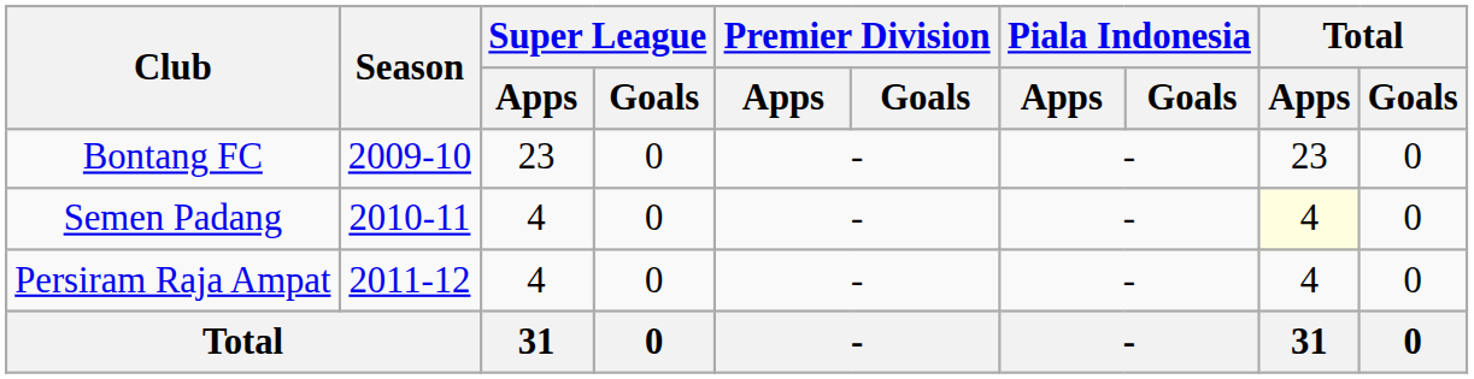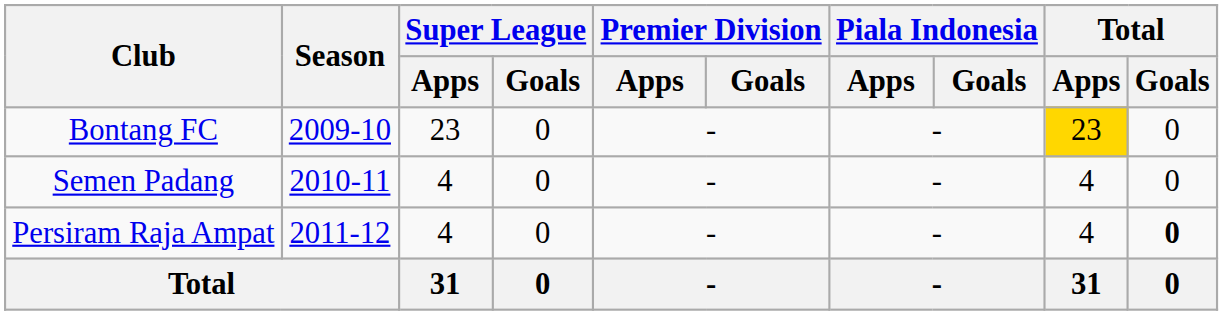 <table class="wikitable" style="font-size:90%; text-align:center;">
 <tr>
 <th rowspan="2">Club</th>
 <th rowspan="2">Season</th>
 <th colspan="2"><a href='#'>Super League</a></th>
 <th colspan="2"><a href='#'>Premier Division</a></th>
 <th colspan="2"><a href='#'>Piala Indonesia</a></th>
 <th colspan="2">Total</th>
 </tr>
 <tr>
 <th>Apps</th>
 <th>Goals</th>
 <th>Apps</th>
 <th>Goals</th>
 <th>Apps</th>
 <th>Goals</th>
 <th>Apps</th>
 <th>Goals</th>
 </tr>
 <tr>
 <td rowspan="1"><a href='#'>Bontang FC</a></td>
 <td><a href='#'>2009-10</a></td>
 <td>23</td>
 <td>0</td>
 <td colspan="2">-</td>
 <td colspan="2">-</td>
-<td>23</td>
+<td style="background: gold;">23</td>
 <td>0</td>
 </tr>
 <tr>
 <td rowspan="1"><a href='#'>Semen Padang</a></td>
 <td><a href='#'>2010-11</a></td>
 <td>4</td>
 <td>0</td>
 <td colspan="2">-</td>
 <td colspan="2">-</td>
-<td style="background: lightyellow;">4</td>
+<td>4</td>
 <td>0</td>
 </tr>
 <tr>
 <td rowspan="1"><a href='#'>Persiram Raja Ampat</a></td>
 <td><a href='#'>2011-12</a></td>
 <td>4</td>
 <td>0</td>
 <td colspan="2">-</td>
 <td colspan="2">-</td>
 <td>4</td>
-<td>0</td>
+<td><strong>0</strong></td>
 </tr>
 <tr>
 <th colspan="2">Total</th>
 <th>31</th>
 <th>0</th>
 <th colspan="2">-</th>
 <th colspan="2">-</th>
 <th>31</th>
 <th>0</th>
 </tr>
 </table>
